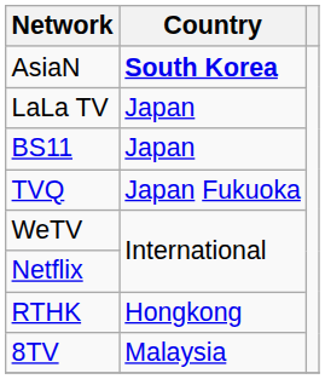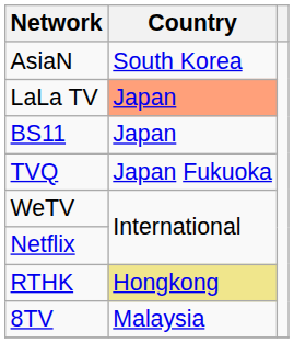 <table class="wikitable">
 <tr>
 <th>Network</th>
 <th>Country</th>
 <th></th>
 </tr>
 <tr>
 <td>AsiaN</td>
-<td><strong> <a href='#'>South Korea</a></strong></td>
+<td> <a href='#'>South Korea</a></td>
 <td rowspan="8"></td>
 </tr>
 <tr>
 <td>LaLa TV</td>
-<td> <a href='#'>Japan</a></td>
+<td style="background: lightsalmon;"> <a href='#'>Japan</a></td>
 </tr>
 <tr>
 <td><a href='#'>BS11</a></td>
 <td> <a href='#'>Japan</a></td>
 </tr>
 <tr>
 <td><a href='#'>TVQ</a></td>
 <td> <a href='#'>Japan</a>  <a href='#'>Fukuoka</a></td>
 </tr>
 <tr>
 <td>WeTV</td>
 <td rowspan="2">International</td>
 </tr>
 <tr>
 <td><a href='#'>Netflix</a></td>
 </tr>
 <tr>
 <td><a href='#'>RTHK</a></td>
-<td> <a href='#'>Hongkong</a></td>
+<td style="background: khaki;"> <a href='#'>Hongkong</a></td>
 </tr>
 <tr>
 <td><a href='#'>8TV</a></td>
 <td> <a href='#'>Malaysia</a></td>
 </tr>
 <tr>
 </tr>
 </table>
